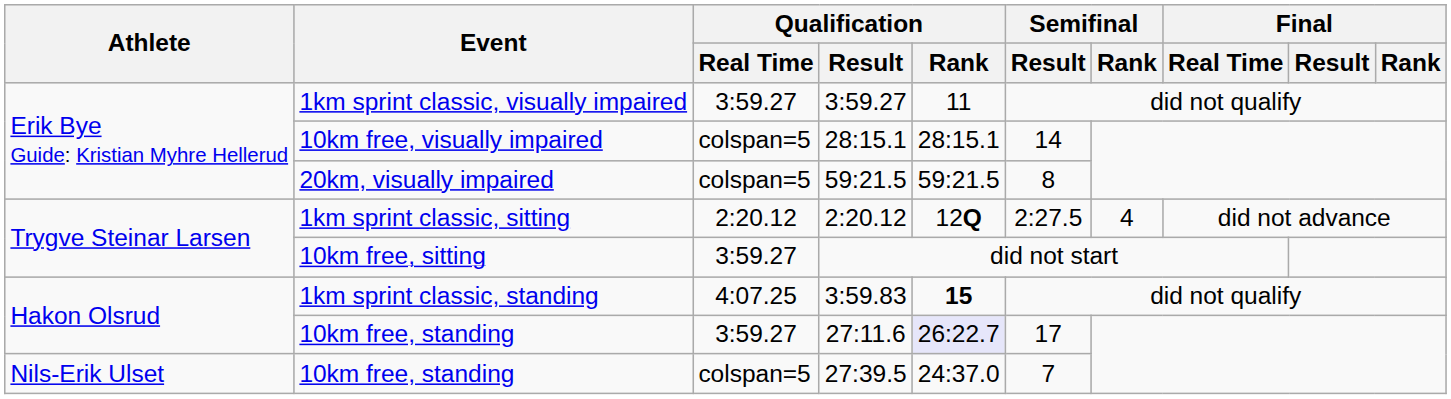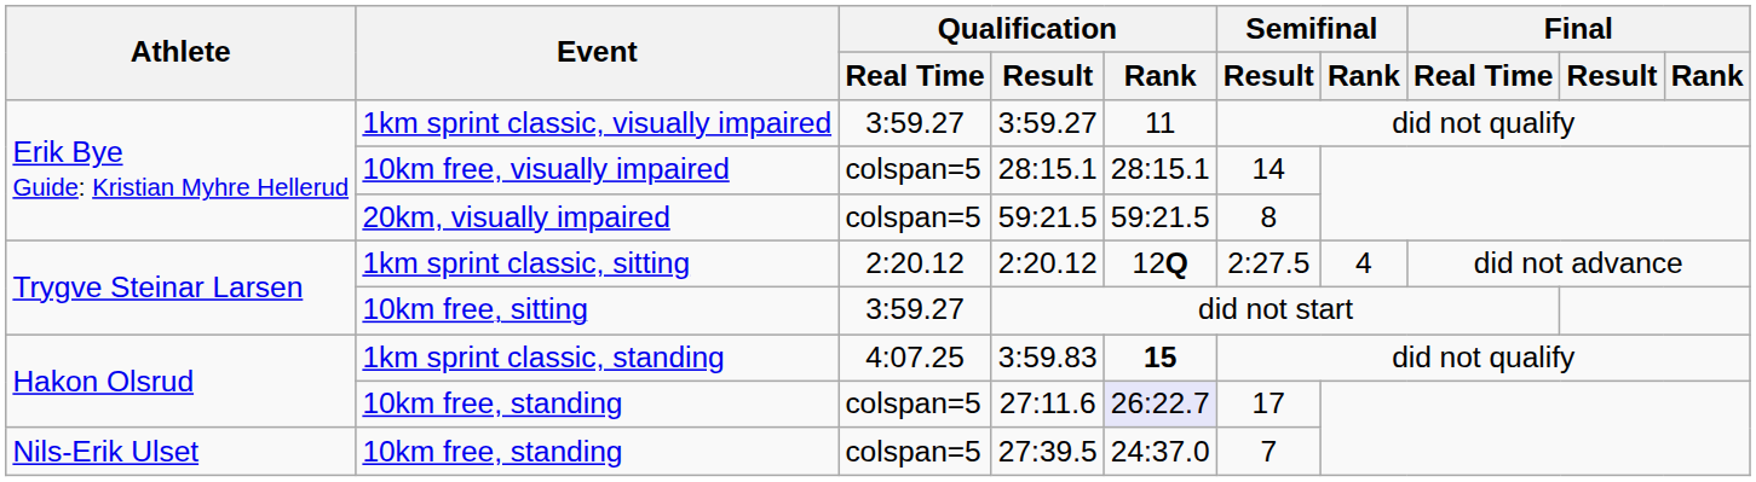 <table class="wikitable" style="font-size:100%">
 <tr>
 <th rowspan="2">Athlete</th>
 <th rowspan="2">Event</th>
 <th colspan="3">Qualification</th>
 <th colspan="2">Semifinal</th>
 <th colspan="3">Final</th>
 </tr>
 <tr>
 <th>Real Time</th>
 <th>Result</th>
 <th>Rank</th>
 <th>Result</th>
 <th>Rank</th>
 <th>Real Time</th>
 <th>Result</th>
 <th>Rank</th>
 </tr>
 <tr>
 <td rowspan=3><a href='#'>Erik Bye</a><br><small><a href='#'>Guide</a>: <a href='#'>Kristian Myhre Hellerud</a></small></td>
 <td><a href='#'>1km sprint classic, visually impaired</a></td>
 <td align="center">3:59.27</td>
 <td align="center">3:59.27</td>
 <td align="center">11</td>
 <td colspan=5 align="center">did not qualify</td>
 </tr>
 <tr>
 <td><a href='#'>10km free, visually impaired</a></td>
 <td>colspan=5 </td>
 <td align="center">28:15.1</td>
 <td align="center">28:15.1</td>
 <td align="center">14</td>
 </tr>
 <tr>
 <td><a href='#'>20km, visually impaired</a></td>
 <td>colspan=5 </td>
 <td align="center">59:21.5</td>
 <td align="center">59:21.5</td>
 <td align="center">8</td>
 </tr>
 <tr>
 <td rowspan=2><a href='#'>Trygve Steinar Larsen</a></td>
 <td><a href='#'>1km sprint classic, sitting</a></td>
 <td align="center">2:20.12</td>
 <td align="center">2:20.12</td>
 <td align="center">12<strong>Q</strong></td>
 <td align="center">2:27.5</td>
 <td align="center">4</td>
 <td colspan=3 align="center">did not advance</td>
 </tr>
 <tr>
 <td><a href='#'>10km free, sitting</a></td>
 <td align="center">3:59.27</td>
 <td colspan=5 align="center">did not start</td>
 </tr>
 <tr>
 <td rowspan=2><a href='#'>Hakon Olsrud</a></td>
 <td><a href='#'>1km sprint classic, standing</a></td>
 <td align="center">4:07.25</td>
 <td align="center">3:59.83</td>
 <td align="center"><strong>15</strong></td>
 <td colspan=5 align="center">did not qualify</td>
 </tr>
 <tr>
 <td><a href='#'>10km free, standing</a></td>
-<td align="center">3:59.27</td>
+<td>colspan=5 </td>
 <td align="center">27:11.6</td>
 <td align="center" style="background: lavender;">26:22.7</td>
 <td align="center">17</td>
 </tr>
 <tr>
 <td><a href='#'>Nils-Erik Ulset</a></td>
 <td><a href='#'>10km free, standing</a></td>
 <td>colspan=5 </td>
 <td align="center">27:39.5</td>
 <td align="center">24:37.0</td>
 <td align="center">7</td>
 </tr>
 </table>
